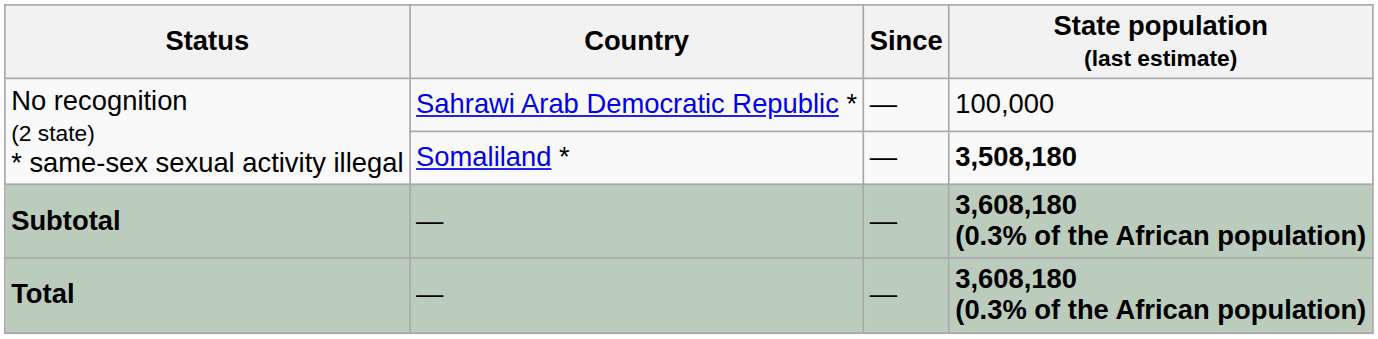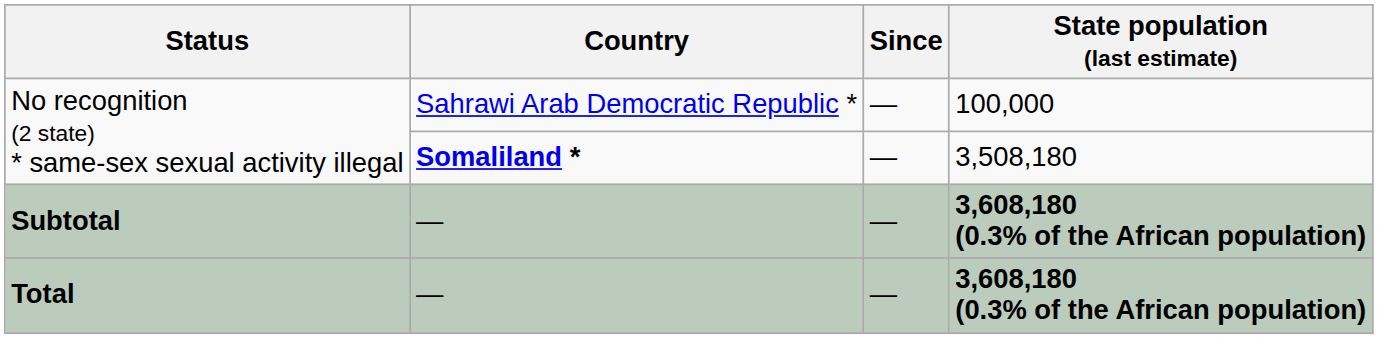 <table class="wikitable" style="width:sortable%">
 <tr>
 <th>Status</th>
 <th>Country</th>
 <th>Since</th>
 <th>State population<br><small>(last estimate)</small></th>
 </tr>
 <tr>
 <td rowspan=2>No recognition <br><small>(2 state)</small><br>* same-sex sexual activity illegal</td>
 <td> <a href='#'>Sahrawi Arab Democratic Republic</a> *</td>
 <td>—</td>
 <td>100,000</td>
 </tr>
 <tr>
-<td> <a href='#'>Somaliland</a> *</td>
+<td><strong> <a href='#'>Somaliland</a> *</strong></td>
 <td>—</td>
-<td><strong>3,508,180</strong></td>
+<td>3,508,180</td>
 </tr>
 <tr class="sortbottom" style="background:#bcccbc;">
 <td><strong>Subtotal</strong></td>
 <td>—</td>
 <td>—</td>
 <td><strong>3,608,180<br>(0.3% of the African population)</strong></td>
 </tr>
 <tr class="sortbottom" style="background:#bcccbc;">
 <td><strong>Total</strong></td>
 <td>—</td>
 <td>—</td>
 <td><strong>3,608,180<br>(0.3% of the African population)</strong></td>
 </tr>
 <tr>
 </tr>
 </table>
